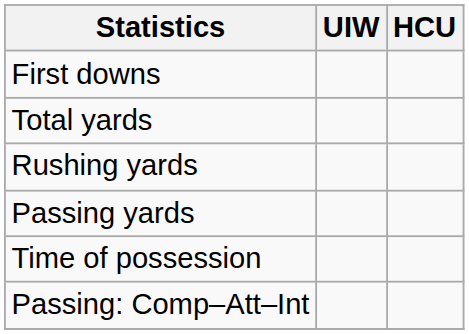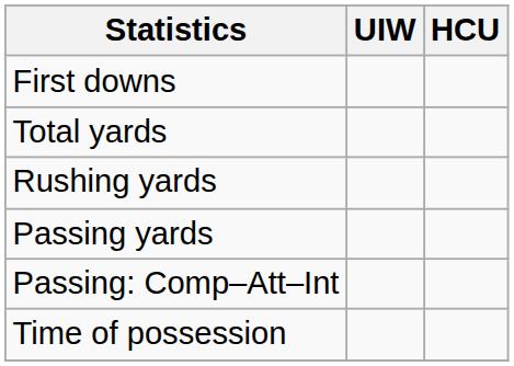 <table class="wikitable" style="float: left;">
 <tr>
 <th>Statistics</th>
 <th>UIW</th>
 <th>HCU</th>
 </tr>
 <tr>
 <td>First downs</td>
 <td></td>
 <td></td>
 </tr>
 <tr>
 <td>Total yards</td>
 <td></td>
 <td></td>
 </tr>
 <tr>
 <td>Rushing yards</td>
 <td></td>
 <td></td>
 </tr>
 <tr>
 <td>Passing yards</td>
 <td></td>
 <td></td>
 </tr>
 <tr>
-<td>Time of possession</td>
+<td>Passing: Comp–Att–Int</td>
 <td></td>
 <td></td>
 </tr>
 <tr>
-<td>Passing: Comp–Att–Int</td>
+<td>Time of possession</td>
 <td></td>
 <td></td>
 </tr>
 <tr>
 </tr>
 </table>
